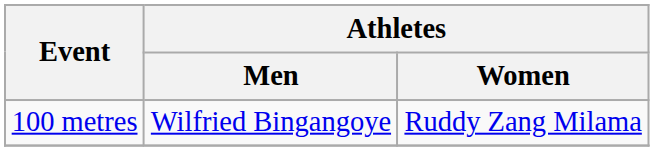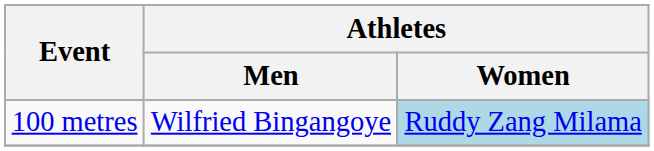 <table class=wikitable style="font-size:90%">
 <tr>
 <th rowspan=2>Event</th>
 <th colspan=2>Athletes</th>
 </tr>
 <tr>
 <th>Men</th>
 <th>Women</th>
 </tr>
 <tr>
 <td><a href='#'>100 metres</a></td>
 <td><a href='#'>Wilfried Bingangoye</a></td>
-<td><a href='#'>Ruddy Zang Milama</a></td>
+<td style="background: lightblue;"><a href='#'>Ruddy Zang Milama</a></td>
 </tr>
 <tr>
 </tr>
 </table>
